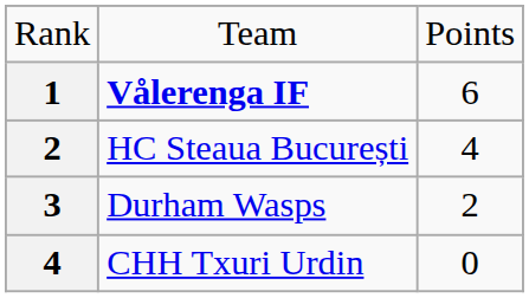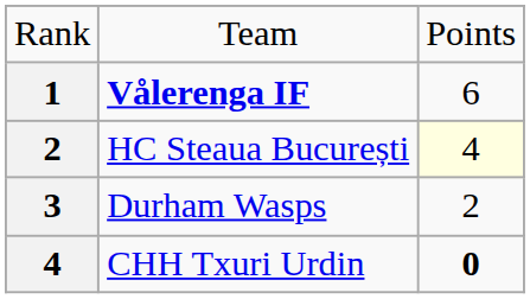 <table class="wikitable" style="text-align: center;">
 <tr>
 <td>Rank</td>
 <td>Team</td>
 <td>Points</td>
 </tr>
 <tr>
 <th>1</th>
 <td style="text-align: left;"> <strong><a href='#'>Vålerenga IF</a></strong></td>
 <td>6</td>
 </tr>
 <tr>
 <th>2</th>
 <td style="text-align: left;"> <a href='#'>HC Steaua București</a></td>
-<td>4</td>
+<td style="background: lightyellow;">4</td>
 </tr>
 <tr>
 <th>3</th>
 <td style="text-align: left;"> <a href='#'>Durham Wasps</a></td>
 <td>2</td>
 </tr>
 <tr>
 <th>4</th>
 <td style="text-align: left;"> <a href='#'>CHH Txuri Urdin</a></td>
-<td>0</td>
+<td><strong>0</strong></td>
 </tr>
 </table>
